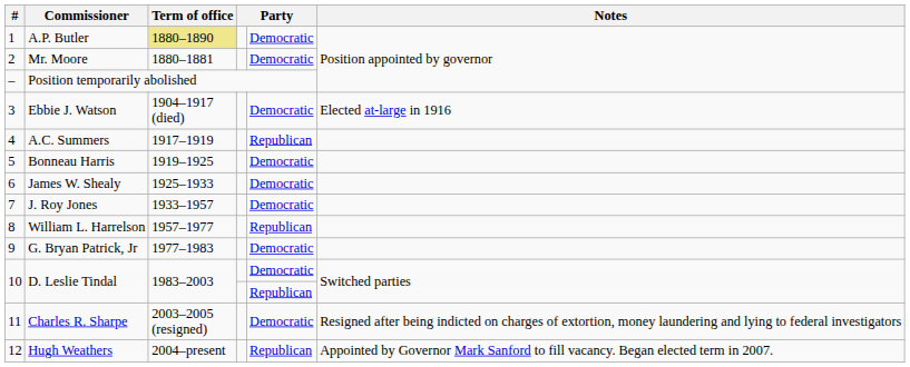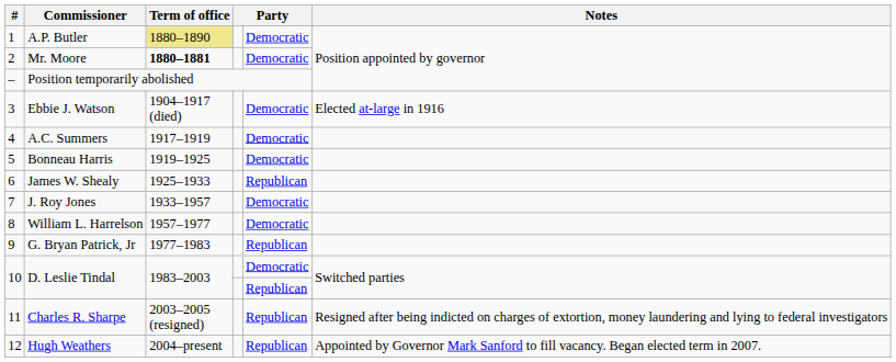 <table class=wikitable>
 <tr>
 <th>#</th>
 <th>Commissioner</th>
 <th>Term of office</th>
 <th colspan=2>Party</th>
 <th>Notes</th>
 </tr>
 <tr>
 <td>1</td>
 <td>A.P. Butler</td>
 <td style="background: khaki;">1880–1890</td>
 <td style="background:"> </td>
 <td><a href='#'>Democratic</a></td>
 <td rowspan=4>Position appointed by governor</td>
 </tr>
 <tr>
 <td>2</td>
 <td>Mr. Moore</td>
-<td>1880–1881</td>
+<td><strong>1880–1881</strong></td>
 <td style="background:"> </td>
 <td><a href='#'>Democratic</a></td>
 </tr>
 <tr>
 <td>–</td>
 <td colspan=4>Position temporarily abolished</td>
 </tr>
 <tr>
 <td rowspan=2>3</td>
 <td rowspan=2>Ebbie J. Watson</td>
 <td rowspan=2>1904–1917<br>(died)</td>
 <td rowspan=2 style="background:"> </td>
 <td rowspan=2><a href='#'>Democratic</a></td>
 </tr>
 <tr>
 <td>Elected <a href='#'>at-large</a> in 1916</td>
 </tr>
 <tr>
 <td>4</td>
 <td>A.C. Summers</td>
 <td>1917–1919</td>
 <td style="background:"> </td>
-<td><a href='#'>Republican</a></td>
+<td><a href='#'>Democratic</a></td>
 <td></td>
 </tr>
 <tr>
 <td>5</td>
 <td>Bonneau Harris</td>
 <td>1919–1925</td>
 <td style="background:"> </td>
 <td><a href='#'>Democratic</a></td>
 <td></td>
 </tr>
 <tr>
 <td>6</td>
 <td>James W. Shealy </td>
 <td>1925–1933</td>
 <td style="background:"> </td>
-<td><a href='#'>Democratic</a></td>
+<td><a href='#'>Republican</a></td>
 <td></td>
 </tr>
 <tr>
 <td>7</td>
 <td>J. Roy Jones</td>
 <td>1933–1957</td>
 <td style="background:"> </td>
 <td><a href='#'>Democratic</a></td>
 <td></td>
 </tr>
 <tr>
 <td>8</td>
 <td>William L. Harrelson</td>
 <td>1957–1977</td>
 <td style="background:"> </td>
-<td><a href='#'>Republican</a></td>
+<td><a href='#'>Democratic</a></td>
 <td></td>
 </tr>
 <tr>
 <td>9</td>
 <td>G. Bryan Patrick, Jr</td>
 <td>1977–1983</td>
 <td style="background:"> </td>
-<td><a href='#'>Democratic</a></td>
+<td><a href='#'>Republican</a></td>
 <td></td>
 </tr>
 <tr>
 <td rowspan=2>10</td>
 <td rowspan=2>D. Leslie Tindal</td>
 <td rowspan=2>1983–2003</td>
 <td style="background:"> </td>
 <td><a href='#'>Democratic</a></td>
 <td rowspan=2>Switched parties</td>
 </tr>
 <tr>
 <td style="background:"> </td>
 <td><a href='#'>Republican</a></td>
 </tr>
 <tr>
 <td>11</td>
 <td><a href='#'>Charles R. Sharpe</a></td>
 <td>2003–2005<br>(resigned)</td>
 <td style="background:"> </td>
-<td><a href='#'>Democratic</a></td>
+<td><a href='#'>Republican</a></td>
 <td>Resigned after being indicted on charges of extortion, money laundering and lying to federal investigators</td>
 </tr>
 <tr>
 <td>12</td>
 <td><a href='#'>Hugh Weathers</a></td>
 <td>2004–present</td>
 <td style="background:"> </td>
 <td><a href='#'>Republican</a></td>
 <td>Appointed by Governor <a href='#'>Mark Sanford</a> to fill vacancy. Began elected term in 2007.</td>
 </tr>
 </table>
